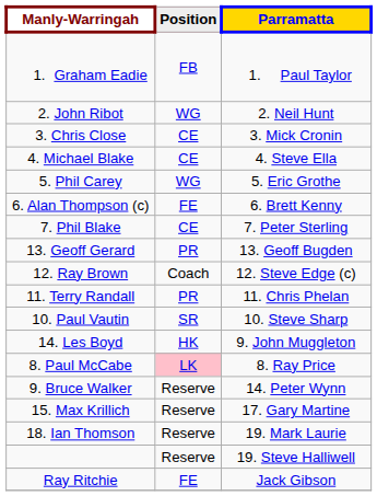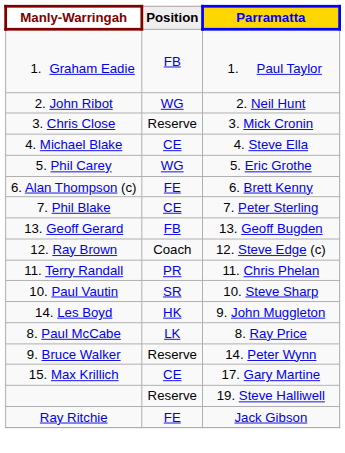 <table align="right" class="wikitable" style="font-size:90%; text-align:center; margin-left:1em">
 <tr bgcolor="#FF0033">
 <th style="width:140px; border:3px solid maroon; background: white; color: maroon">Manly-Warringah</th>
 <th style="width:40px; text-align:center; background:#eee; color:black;">Position</th>
 <th style="width:140px; border:3px solid blue; background: gold; color: blue">Parramatta</th>
 </tr>
 <tr>
 <td><br><ol><li><a href='#'>Graham Eadie</a></li></ol></td>
 <td><a href='#'>FB</a></td>
 <td><br><ol><li><a href='#'>Paul Taylor</a></li></ol></td>
 </tr>
 <tr>
 <td>2. <a href='#'>John Ribot</a></td>
 <td><a href='#'>WG</a></td>
 <td>2. <a href='#'>Neil Hunt</a></td>
 </tr>
 <tr>
 <td>3. <a href='#'>Chris Close</a></td>
-<td><a href='#'>CE</a></td>
+<td>Reserve</td>
 <td>3. <a href='#'>Mick Cronin</a></td>
 </tr>
 <tr>
 <td>4. <a href='#'>Michael Blake</a></td>
 <td><a href='#'>CE</a></td>
 <td>4. <a href='#'>Steve Ella</a></td>
 </tr>
 <tr>
 <td>5. <a href='#'>Phil Carey</a></td>
 <td><a href='#'>WG</a></td>
 <td>5. <a href='#'>Eric Grothe</a></td>
 </tr>
 <tr>
 <td>6. <a href='#'>Alan Thompson</a> (c)</td>
 <td><a href='#'>FE</a></td>
 <td>6. <a href='#'>Brett Kenny</a></td>
 </tr>
 <tr>
 <td>7. <a href='#'>Phil Blake</a></td>
 <td><a href='#'>CE</a></td>
 <td>7. <a href='#'>Peter Sterling</a></td>
 </tr>
 <tr>
 <td>13. <a href='#'>Geoff Gerard</a></td>
-<td><a href='#'>PR</a></td>
+<td><a href='#'>FB</a></td>
 <td>13. <a href='#'>Geoff Bugden</a></td>
 </tr>
 <tr>
 <td>12. <a href='#'>Ray Brown</a></td>
 <td>Coach</td>
 <td>12. <a href='#'>Steve Edge</a> (c)</td>
 </tr>
 <tr>
 <td>11. <a href='#'>Terry Randall</a></td>
 <td><a href='#'>PR</a></td>
 <td>11. <a href='#'>Chris Phelan</a></td>
 </tr>
 <tr>
 <td>10. <a href='#'>Paul Vautin</a></td>
 <td><a href='#'>SR</a></td>
 <td>10. <a href='#'>Steve Sharp</a></td>
 </tr>
 <tr>
 <td>14. <a href='#'>Les Boyd</a></td>
 <td><a href='#'>HK</a></td>
 <td>9. <a href='#'>John Muggleton</a></td>
 </tr>
 <tr>
 <td>8. <a href='#'>Paul McCabe</a></td>
-<td style="background: pink;"><a href='#'>LK</a></td>
+<td><a href='#'>LK</a></td>
 <td>8. <a href='#'>Ray Price</a></td>
 </tr>
 <tr>
 <td>9. <a href='#'>Bruce Walker</a></td>
 <td>Reserve</td>
 <td>14. <a href='#'>Peter Wynn</a></td>
 </tr>
 <tr>
 <td>15. <a href='#'>Max Krillich</a></td>
-<td>Reserve</td>
+<td><a href='#'>CE</a></td>
 <td>17. <a href='#'>Gary Martine</a></td>
-</tr>
-<tr>
-<td>18. <a href='#'>Ian Thomson</a></td>
-<td>Reserve</td>
-<td>19. <a href='#'>Mark Laurie</a></td>
 </tr>
 <tr>
 <td></td>
 <td>Reserve</td>
 <td>19. <a href='#'>Steve Halliwell</a></td>
 </tr>
 <tr>
 <td><a href='#'>Ray Ritchie</a></td>
 <td><a href='#'>FE</a></td>
 <td><a href='#'>Jack Gibson</a></td>
 </tr>
 <tr>
 </tr>
 </table>
